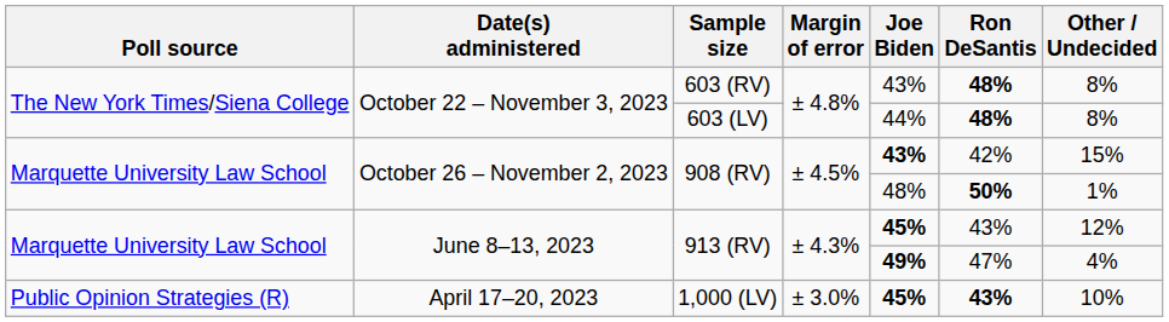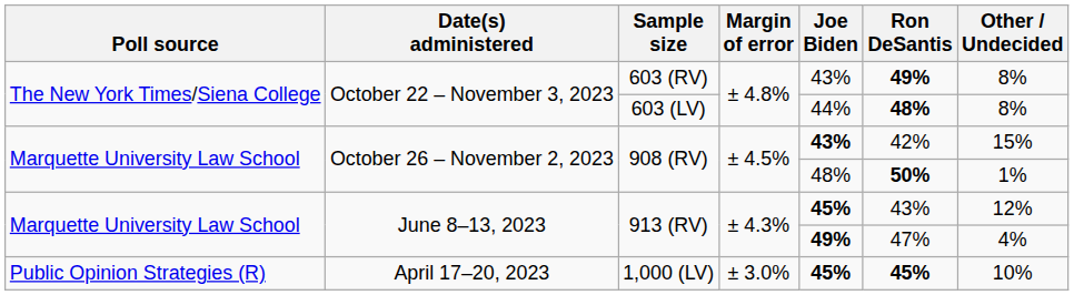 <table class="wikitable sortable mw-datatable" style="font-size:90%;text-align:center;line-height:17px">
 <tr valign=bottom>
 <th>Poll source</th>
 <th>Date(s)<br>administered</th>
 <th>Sample<br>size</th>
 <th>Margin<br>of error</th>
 <th class="unsortable">Joe<br>Biden<br></th>
 <th class="unsortable">Ron<br>DeSantis<br></th>
 <th class="unsortable">Other /<br>Undecided</th>
 </tr>
 <tr>
 <td style="text-align:left;" rowspan="2"><a href='#'>The New York Times</a>/<a href='#'>Siena College</a></td>
 <td rowspan="2">October 22 – November 3, 2023</td>
 <td>603 (RV)</td>
 <td rowspan="2">± 4.8%</td>
 <td>43%</td>
-<td style="background-color:"><strong>48%</strong></td>
+<td style="background-color:"><strong>49%</strong></td>
 <td>8%</td>
 </tr>
 <tr>
 <td>603 (LV)</td>
 <td>44%</td>
 <td style="background-color:"><strong>48%</strong></td>
 <td>8%</td>
 </tr>
 <tr>
 <td style="text-align:left;" rowspan="2"><a href='#'>Marquette University Law School</a></td>
 <td rowspan="2">October 26 – November 2, 2023</td>
 <td rowspan="2">908 (RV)</td>
 <td rowspan="2">± 4.5%</td>
 <td style="color:black;background-color:"><strong>43%</strong></td>
 <td>42%</td>
 <td>15%</td>
 </tr>
 <tr>
 <td>48%</td>
 <td style="background-color:"><strong>50%</strong></td>
 <td>1%</td>
 </tr>
 <tr>
 <td style="text-align:left;" rowspan="2"><a href='#'>Marquette University Law School</a></td>
 <td rowspan="2">June 8–13, 2023</td>
 <td rowspan="2">913 (RV)</td>
 <td rowspan="2">± 4.3%</td>
 <td style="color:black;background-color:"><strong>45%</strong></td>
 <td>43%</td>
 <td>12%</td>
 </tr>
 <tr>
 <td style="color:black;background-color:"><strong>49%</strong></td>
 <td>47%</td>
 <td>4%</td>
 </tr>
 <tr>
 <td style="text-align:left;"><a href='#'>Public Opinion Strategies (R)</a></td>
 <td data-sort-value="2023-04-20">April 17–20, 2023</td>
 <td>1,000 (LV)</td>
 <td>± 3.0%</td>
 <td><strong>45%</strong></td>
-<td><strong>43%</strong></td>
+<td><strong>45%</strong></td>
 <td>10%</td>
 </tr>
 </table>
